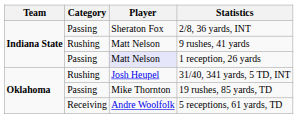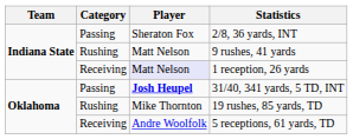 <table class="wikitable" style="float: left;">
 <tr>
 <th>Team</th>
 <th>Category</th>
 <th>Player</th>
 <th>Statistics</th>
 </tr>
 <tr>
 <td rowspan=3><strong>Indiana State</strong></td>
 <td>Passing</td>
 <td>Sheraton Fox</td>
 <td>2/8, 36 yards, INT</td>
 </tr>
 <tr>
 <td>Rushing</td>
 <td>Matt Nelson</td>
 <td>9 rushes, 41 yards</td>
 </tr>
 <tr>
-<td>Passing</td>
+<td>Receiving</td>
 <td style="background: lavender;">Matt Nelson</td>
 <td>1 reception, 26 yards</td>
 </tr>
 <tr>
 <td rowspan=3><strong>Oklahoma</strong></td>
-<td>Rushing</td>
-<td><a href='#'>Josh Heupel</a></td>
+<td>Passing</td>
+<td><strong><a href='#'>Josh Heupel</a></strong></td>
 <td>31/40, 341 yards, 5 TD, INT</td>
 </tr>
 <tr>
-<td>Passing</td>
+<td>Rushing</td>
 <td>Mike Thornton</td>
 <td>19 rushes, 85 yards, TD</td>
 </tr>
 <tr>
 <td>Receiving</td>
 <td><a href='#'>Andre Woolfolk</a></td>
 <td>5 receptions, 61 yards, TD</td>
 </tr>
 </table>
